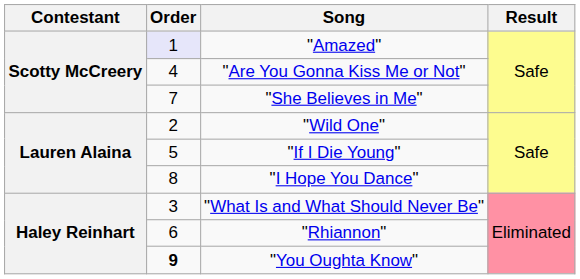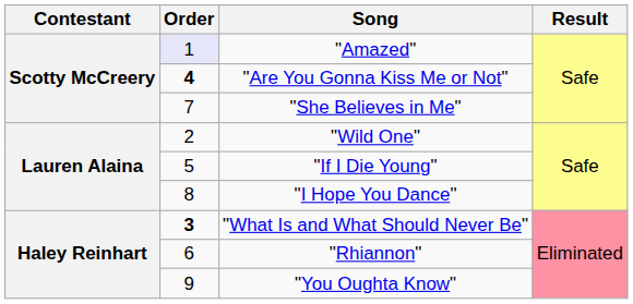 <table class="wikitable unsortable" style="text-align:center;">
 <tr>
 <th scope="col">Contestant</th>
 <th scope="col">Order</th>
 <th scope="col">Song</th>
 <th scope="col">Result</th>
 </tr>
 <tr>
 <th scope="row" rowspan="3">Scotty McCreery</th>
 <td style="background: lavender;">1</td>
 <td>"<a href='#'>Amazed</a>"</td>
 <td rowspan="3" bgcolor="FDFC8F">Safe</td>
 </tr>
 <tr>
-<td>4</td>
+<td><strong>4</strong></td>
 <td>"<a href='#'>Are You Gonna Kiss Me or Not</a>"</td>
 </tr>
 <tr>
 <td>7</td>
 <td>"<a href='#'>She Believes in Me</a>"</td>
 </tr>
 <tr>
 <th scope="row" rowspan="3">Lauren Alaina</th>
 <td>2</td>
 <td>"<a href='#'>Wild One</a>"</td>
 <td rowspan="3" bgcolor="FDFC8F">Safe</td>
 </tr>
 <tr>
 <td>5</td>
 <td>"<a href='#'>If I Die Young</a>"</td>
 </tr>
 <tr>
 <td>8</td>
 <td>"<a href='#'>I Hope You Dance</a>"</td>
 </tr>
 <tr>
 <th scope="row" rowspan="3">Haley Reinhart</th>
-<td>3</td>
+<td><strong>3</strong></td>
 <td>"<a href='#'>What Is and What Should Never Be</a>"</td>
 <td rowspan="3" bgcolor="FF91A4">Eliminated</td>
 </tr>
 <tr>
 <td>6</td>
 <td>"<a href='#'>Rhiannon</a>"</td>
 </tr>
 <tr>
-<td><strong>9</strong></td>
+<td>9</td>
 <td>"<a href='#'>You Oughta Know</a>"</td>
 </tr>
 </table>
